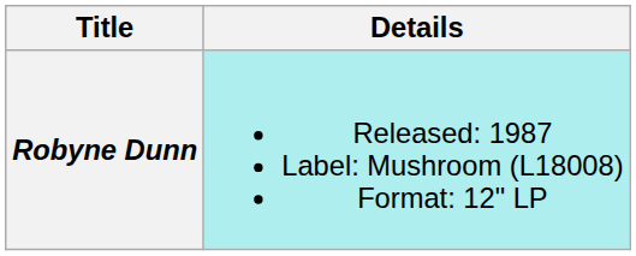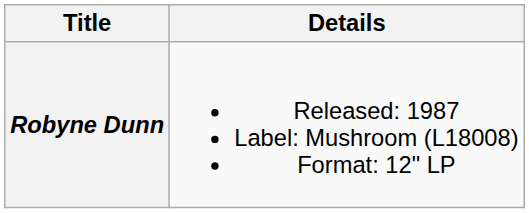 <table class="wikitable plainrowheaders" style="text-align:center;" border="1">
 <tr>
 <th>Title</th>
 <th>Details</th>
 </tr>
 <tr>
 <th scope="row"><em>Robyne Dunn</em></th>
-<td style="background: paleturquoise;"><br><ul><li>Released: 1987</li><li>Label: Mushroom (L18008)</li><li>Format: 12" LP</li></ul></td>
+<td><br><ul><li>Released: 1987</li><li>Label: Mushroom (L18008)</li><li>Format: 12" LP</li></ul></td>
 </tr>
 </table>
